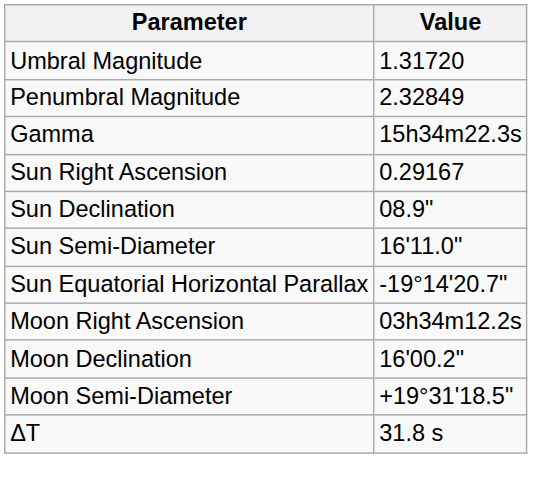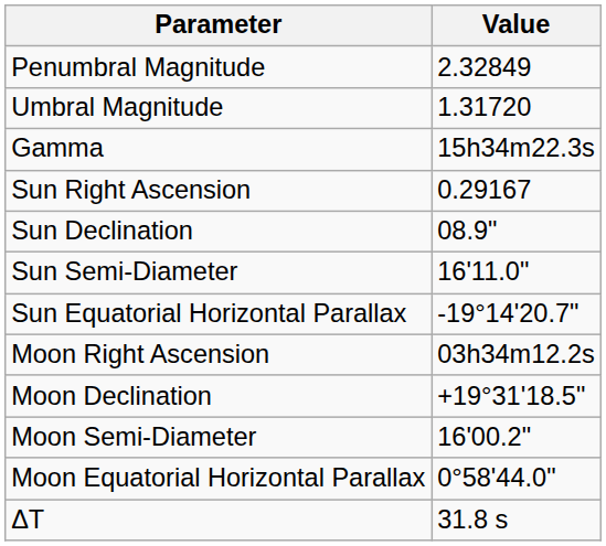 <table class="wikitable">
 <tr>
 <th>Parameter</th>
 <th>Value</th>
 </tr>
 <tr>
+<td>Penumbral Magnitude</td>
+<td>2.32849</td>
+</tr>
+<tr>
 <td>Umbral Magnitude</td>
 <td>1.31720</td>
-</tr>
-<tr>
-<td>Penumbral Magnitude</td>
-<td>2.32849</td>
 </tr>
 <tr>
 <td>Gamma</td>
 <td>15h34m22.3s</td>
 </tr>
 <tr>
 <td>Sun Right Ascension</td>
 <td>0.29167</td>
 </tr>
 <tr>
 <td>Sun Declination</td>
 <td>08.9"</td>
 </tr>
 <tr>
 <td>Sun Semi-Diameter</td>
 <td>16'11.0"</td>
 </tr>
 <tr>
 <td>Sun Equatorial Horizontal Parallax</td>
 <td>-19°14'20.7"</td>
 </tr>
 <tr>
 <td>Moon Right Ascension</td>
 <td>03h34m12.2s</td>
 </tr>
 <tr>
 <td>Moon Declination</td>
+<td>+19°31'18.5"</td>
+</tr>
+<tr>
+<td>Moon Semi-Diameter</td>
 <td>16'00.2"</td>
 </tr>
 <tr>
-<td>Moon Semi-Diameter</td>
-<td>+19°31'18.5"</td>
+<td>Moon Equatorial Horizontal Parallax</td>
+<td>0°58'44.0"</td>
 </tr>
 <tr>
 <td>ΔT</td>
 <td>31.8 s</td>
 </tr>
 </table>
